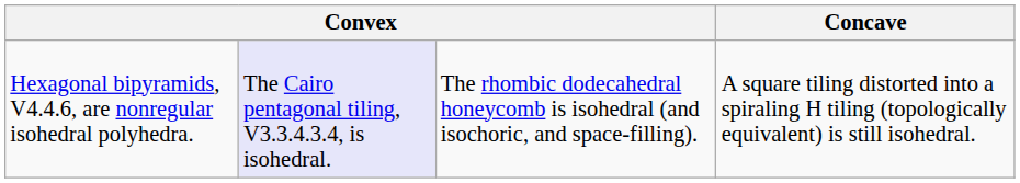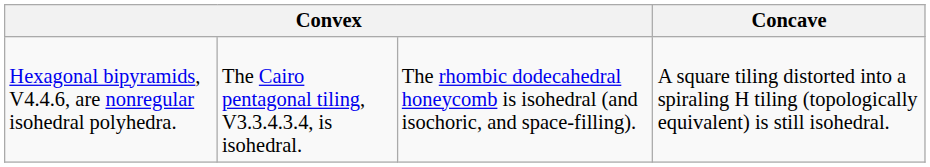 <table class="wikitable" style="width:720px;">
 <tr>
 <th colspan=3>Convex</th>
 <th>Concave</th>
 </tr>
 <tr valign=top>
 <td><br><a href='#'>Hexagonal bipyramids</a>, V4.4.6, are <a href='#'>nonregular</a> isohedral polyhedra.</td>
-<td style="background: lavender;"><br>The <a href='#'>Cairo pentagonal tiling</a>, V3.3.4.3.4, is isohedral.</td>
+<td><br>The <a href='#'>Cairo pentagonal tiling</a>, V3.3.4.3.4, is isohedral.</td>
 <td><br>The <a href='#'>rhombic dodecahedral honeycomb</a> is isohedral (and isochoric, and space-filling).</td>
 <td><br>A square tiling distorted into a spiraling H tiling (topologically equivalent) is still isohedral.</td>
 </tr>
 </table>
